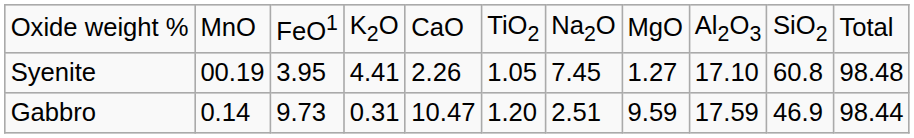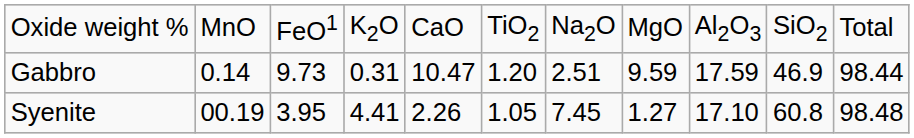 <table class="wikitable">
 <tr>
 <td>Oxide weight %</td>
 <td>MnO</td>
 <td>FeO<sup>1</sup></td>
 <td>K<sub>2</sub>O</td>
 <td>CaO</td>
 <td>TiO<sub>2</sub></td>
 <td>Na<sub>2</sub>O</td>
 <td>MgO</td>
 <td>Al<sub>2</sub>O<sub>3</sub></td>
 <td>SiO<sub>2</sub></td>
 <td>Total</td>
 </tr>
 <tr>
+<td>Gabbro</td>
+<td>0.14</td>
+<td>9.73</td>
+<td>0.31</td>
+<td>10.47</td>
+<td>1.20</td>
+<td>2.51</td>
+<td>9.59</td>
+<td>17.59</td>
+<td>46.9</td>
+<td>98.44</td>
+</tr>
+<tr>
 <td>Syenite</td>
 <td>00.19</td>
 <td>3.95</td>
 <td>4.41</td>
 <td>2.26</td>
 <td>1.05</td>
 <td>7.45</td>
 <td>1.27</td>
 <td>17.10</td>
 <td>60.8</td>
 <td>98.48</td>
 </tr>
-<tr>
-<td>Gabbro</td>
-<td>0.14</td>
-<td>9.73</td>
-<td>0.31</td>
-<td>10.47</td>
-<td>1.20</td>
-<td>2.51</td>
-<td>9.59</td>
-<td>17.59</td>
-<td>46.9</td>
-<td>98.44</td>
-</tr>
 </table>
